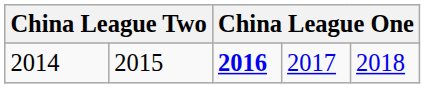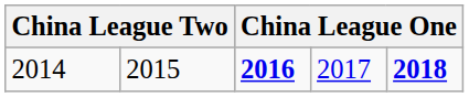 <table class="wikitable">
 <tr>
 <th colspan="2">China League Two</th>
 <th colspan="3">China League One</th>
 </tr>
 <tr>
 <td>2014</td>
 <td>2015</td>
 <td><strong><a href='#'>2016</a></strong></td>
 <td><a href='#'>2017</a></td>
-<td><a href='#'>2018</a></td>
+<td><strong><a href='#'>2018</a></strong></td>
 </tr>
 </table>
